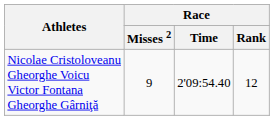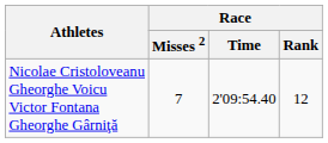 <table class="wikitable" border="1" style="font-size:90%">
 <tr>
 <th rowspan=2>Athletes</th>
 <th colspan=3>Race</th>
 </tr>
 <tr>
 <th>Misses <sup>2</sup></th>
 <th>Time</th>
 <th>Rank</th>
 </tr>
 <tr>
 <td><a href='#'>Nicolae Cristoloveanu</a><br><a href='#'>Gheorghe Voicu</a><br><a href='#'>Victor Fontana</a><br><a href='#'>Gheorghe Gârniţă</a></td>
-<td align=center>9</td>
+<td align=center>7</td>
 <td align=center>2'09:54.40</td>
 <td align=center>12</td>
 </tr>
 </table>
